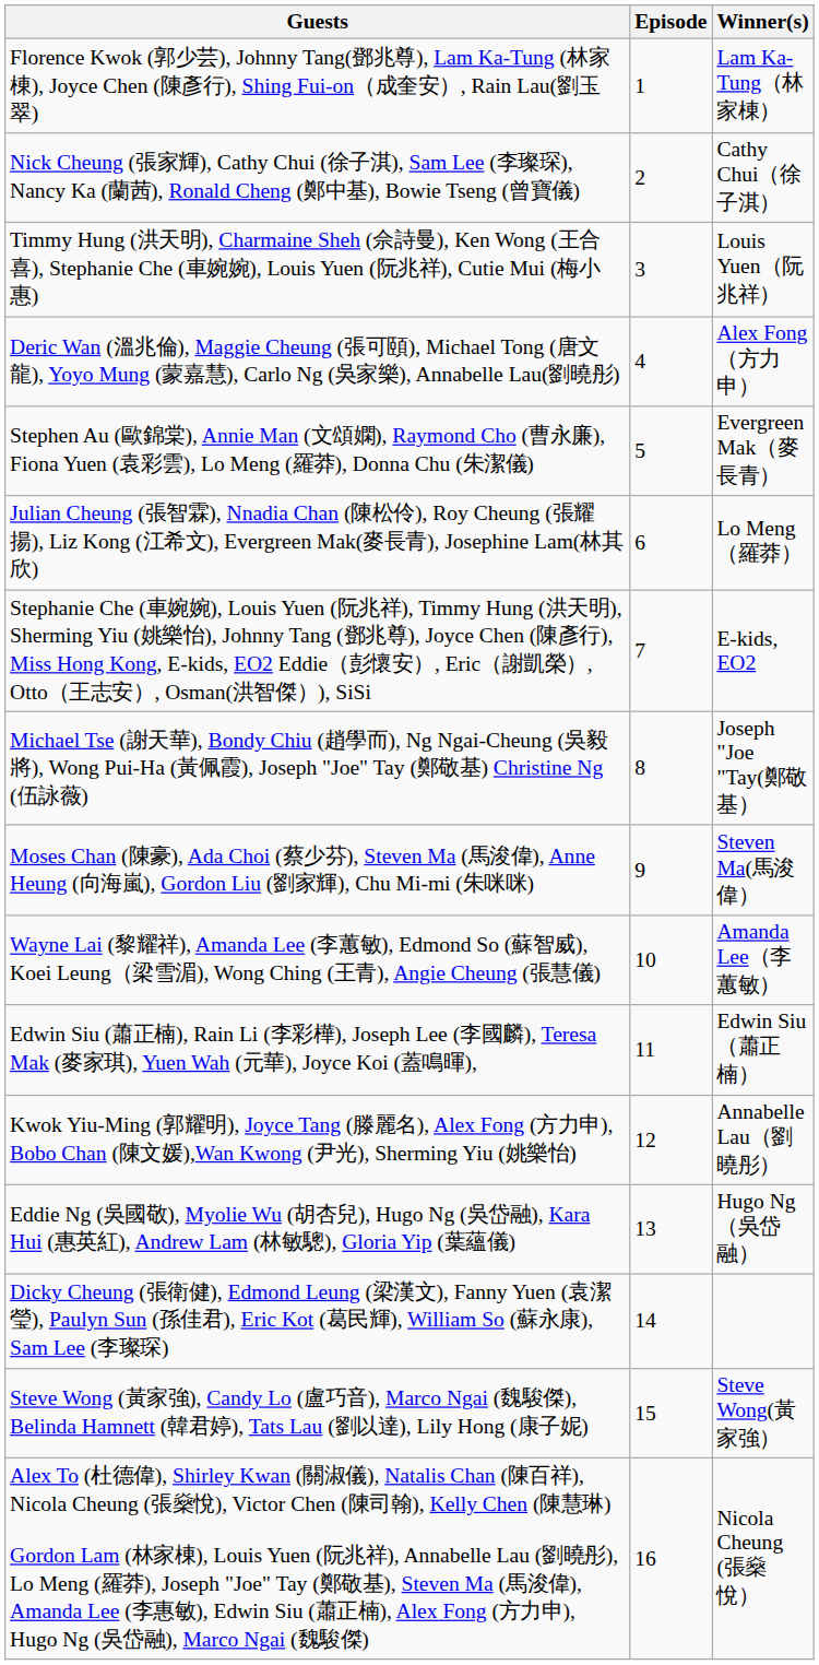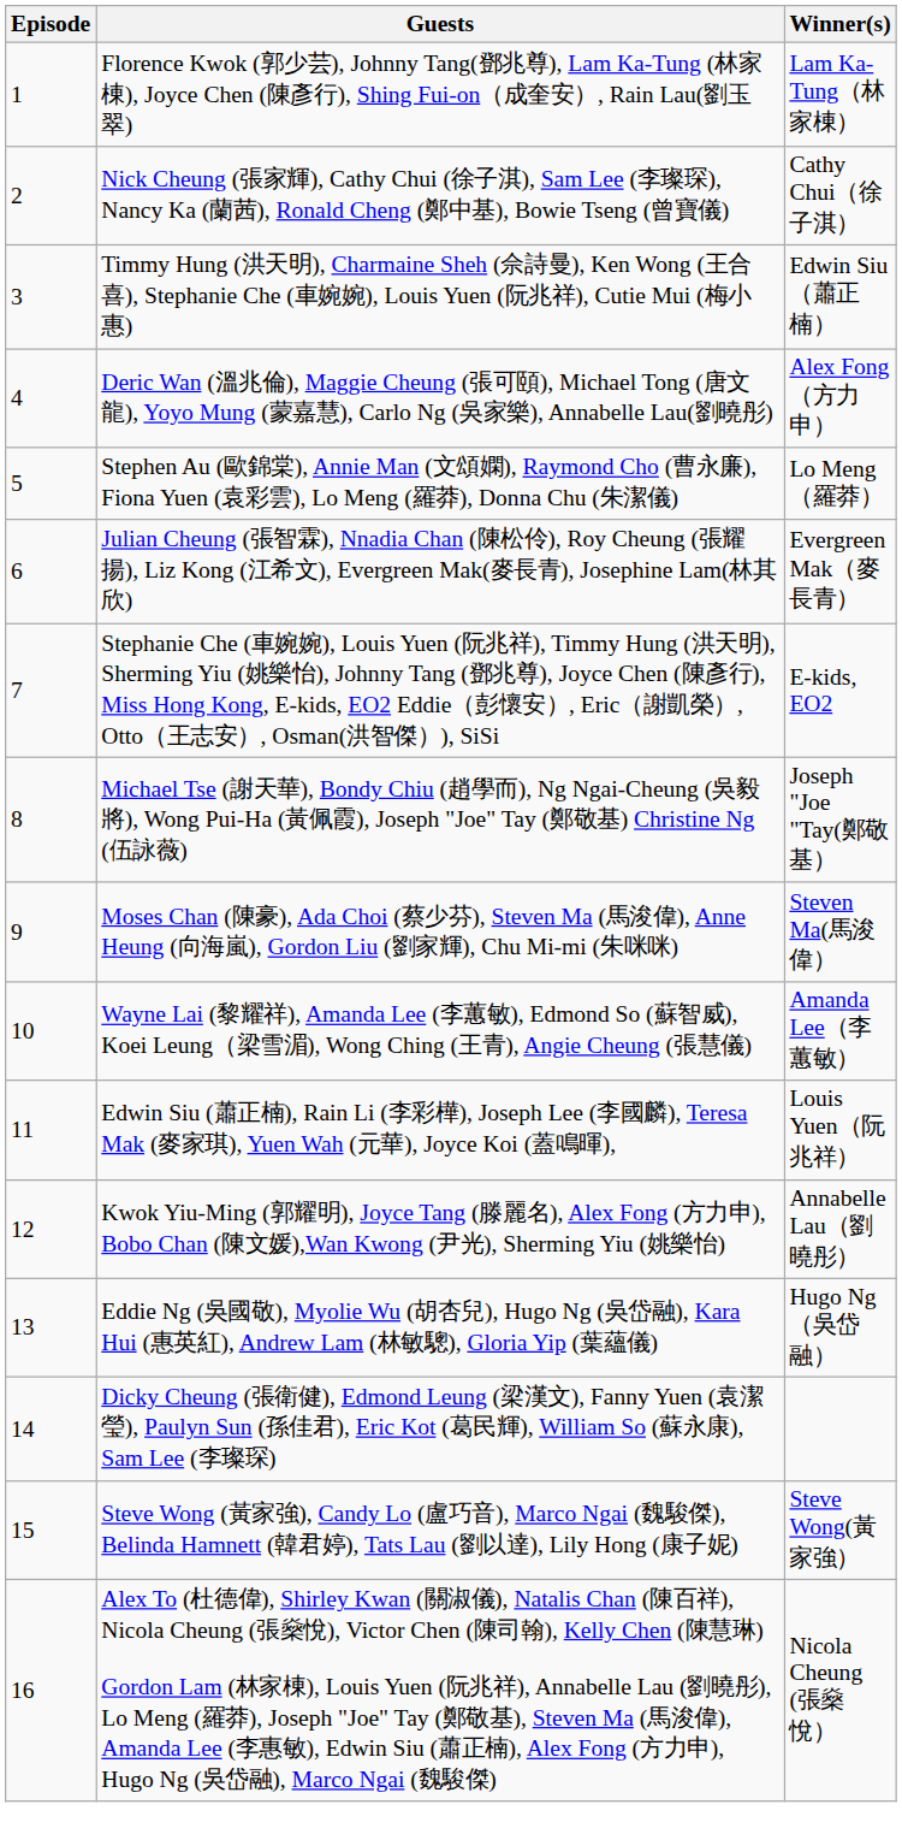 <table class="wikitable">
 <tr>
+<th style="width:10%;">Episode</th>
 <th style="width:80%;">Guests</th>
-<th style="width:10%;">Episode</th>
 <th style="width:10%;">Winner(s)</th>
 </tr>
 <tr>
+<td>1</td>
 <td>Florence Kwok (郭少芸), Johnny Tang(鄧兆尊), <a href='#'>Lam Ka-Tung</a> (林家棟), Joyce Chen (陳彥行), <a href='#'>Shing Fui-on</a>（成奎安）,  Rain Lau(劉玉翠)</td>
-<td>1</td>
 <td><a href='#'>Lam Ka-Tung</a>（林家棟）</td>
 </tr>
 <tr>
+<td>2</td>
 <td><a href='#'>Nick Cheung</a> (張家輝), Cathy Chui (徐子淇), <a href='#'>Sam Lee</a> (李璨琛), Nancy Ka (蘭茜), <a href='#'>Ronald Cheng</a> (鄭中基), Bowie Tseng (曾寶儀)</td>
-<td>2</td>
 <td>Cathy Chui（徐子淇）</td>
 </tr>
 <tr>
+<td>3</td>
 <td>Timmy Hung (洪天明), <a href='#'>Charmaine Sheh</a> (佘詩曼), Ken Wong (王合喜), Stephanie Che (車婉婉), Louis Yuen (阮兆祥), Cutie Mui (梅小惠)</td>
-<td>3</td>
+<td>Edwin Siu（蕭正楠）</td>
+</tr>
+<tr>
+<td>4</td>
+<td><a href='#'>Deric Wan</a> (溫兆倫), <a href='#'>Maggie Cheung</a> (張可頤), Michael Tong (唐文龍), <a href='#'>Yoyo Mung</a> (蒙嘉慧), Carlo Ng (吳家樂), Annabelle Lau(劉曉彤)</td>
+<td><a href='#'>Alex Fong</a>（方力申）</td>
+</tr>
+<tr>
+<td>5</td>
+<td>Stephen Au (歐錦棠), <a href='#'>Annie Man</a> (文頌嫻), <a href='#'>Raymond Cho</a> (曹永廉), Fiona Yuen (袁彩雲), Lo Meng (羅莽), Donna Chu (朱潔儀)</td>
+<td>Lo Meng（羅莽）</td>
+</tr>
+<tr>
+<td>6</td>
+<td><a href='#'>Julian Cheung</a> (張智霖), <a href='#'>Nnadia Chan</a> (陳松伶), Roy Cheung (張耀揚), Liz Kong (江希文),  Evergreen Mak(麥長青), Josephine Lam(林其欣)</td>
+<td>Evergreen Mak（麥長青）</td>
+</tr>
+<tr>
+<td>7</td>
+<td>Stephanie Che (車婉婉), Louis Yuen (阮兆祥), Timmy Hung (洪天明), Sherming Yiu (姚樂怡), Johnny Tang (鄧兆尊), Joyce Chen (陳彥行), <a href='#'>Miss Hong Kong</a>, E-kids, <a href='#'>EO2</a> Eddie（彭懷安）, Eric（謝凱榮）, Otto（王志安）, Osman(洪智傑）), SiSi</td>
+<td>E-kids, <a href='#'>EO2</a></td>
+</tr>
+<tr>
+<td>8</td>
+<td><a href='#'>Michael Tse</a> (謝天華), <a href='#'>Bondy Chiu</a> (趙學而), Ng Ngai-Cheung (吳毅將), Wong Pui-Ha (黃佩霞), Joseph "Joe" Tay (鄭敬基) <a href='#'>Christine Ng</a> (伍詠薇)</td>
+<td>Joseph "Joe "Tay(鄭敬基）</td>
+</tr>
+<tr>
+<td>9</td>
+<td><a href='#'>Moses Chan</a> (陳豪), <a href='#'>Ada Choi</a> (蔡少芬), <a href='#'>Steven Ma</a> (馬浚偉), <a href='#'>Anne Heung</a> (向海嵐), <a href='#'>Gordon Liu</a> (劉家輝), Chu Mi-mi (朱咪咪)</td>
+<td><a href='#'>Steven Ma</a>(馬浚偉）</td>
+</tr>
+<tr>
+<td>10</td>
+<td><a href='#'>Wayne Lai</a> (黎耀祥), <a href='#'>Amanda Lee</a> (李蕙敏), Edmond So (蘇智威), Koei Leung（梁雪湄), Wong Ching (王青), <a href='#'>Angie Cheung</a> (張慧儀)</td>
+<td><a href='#'>Amanda Lee</a>（李蕙敏）</td>
+</tr>
+<tr>
+<td>11</td>
+<td>Edwin Siu (蕭正楠), Rain Li (李彩樺),  Joseph Lee (李國麟), <a href='#'>Teresa Mak</a> (麥家琪), <a href='#'>Yuen Wah</a> (元華), Joyce Koi (蓋鳴暉),</td>
 <td>Louis Yuen（阮兆祥）</td>
 </tr>
 <tr>
-<td><a href='#'>Deric Wan</a> (溫兆倫), <a href='#'>Maggie Cheung</a> (張可頤), Michael Tong (唐文龍), <a href='#'>Yoyo Mung</a> (蒙嘉慧), Carlo Ng (吳家樂), Annabelle Lau(劉曉彤)</td>
-<td>4</td>
-<td><a href='#'>Alex Fong</a>（方力申）</td>
-</tr>
-<tr>
-<td>Stephen Au (歐錦棠), <a href='#'>Annie Man</a> (文頌嫻), <a href='#'>Raymond Cho</a> (曹永廉), Fiona Yuen (袁彩雲), Lo Meng (羅莽), Donna Chu (朱潔儀)</td>
-<td>5</td>
-<td>Evergreen Mak（麥長青）</td>
-</tr>
-<tr>
-<td><a href='#'>Julian Cheung</a> (張智霖), <a href='#'>Nnadia Chan</a> (陳松伶), Roy Cheung (張耀揚), Liz Kong (江希文),  Evergreen Mak(麥長青), Josephine Lam(林其欣)</td>
-<td>6</td>
-<td>Lo Meng（羅莽）</td>
-</tr>
-<tr>
-<td>Stephanie Che (車婉婉), Louis Yuen (阮兆祥), Timmy Hung (洪天明), Sherming Yiu (姚樂怡), Johnny Tang (鄧兆尊), Joyce Chen (陳彥行), <a href='#'>Miss Hong Kong</a>, E-kids, <a href='#'>EO2</a> Eddie（彭懷安）, Eric（謝凱榮）, Otto（王志安）, Osman(洪智傑）), SiSi</td>
-<td>7</td>
-<td>E-kids, <a href='#'>EO2</a></td>
-</tr>
-<tr>
-<td><a href='#'>Michael Tse</a> (謝天華), <a href='#'>Bondy Chiu</a> (趙學而), Ng Ngai-Cheung (吳毅將), Wong Pui-Ha (黃佩霞), Joseph "Joe" Tay (鄭敬基) <a href='#'>Christine Ng</a> (伍詠薇)</td>
-<td>8</td>
-<td>Joseph "Joe "Tay(鄭敬基）</td>
-</tr>
-<tr>
-<td><a href='#'>Moses Chan</a> (陳豪), <a href='#'>Ada Choi</a> (蔡少芬), <a href='#'>Steven Ma</a> (馬浚偉), <a href='#'>Anne Heung</a> (向海嵐), <a href='#'>Gordon Liu</a> (劉家輝), Chu Mi-mi (朱咪咪)</td>
-<td>9</td>
-<td><a href='#'>Steven Ma</a>(馬浚偉）</td>
-</tr>
-<tr>
-<td><a href='#'>Wayne Lai</a> (黎耀祥), <a href='#'>Amanda Lee</a> (李蕙敏), Edmond So (蘇智威), Koei Leung（梁雪湄), Wong Ching (王青), <a href='#'>Angie Cheung</a> (張慧儀)</td>
-<td>10</td>
-<td><a href='#'>Amanda Lee</a>（李蕙敏）</td>
-</tr>
-<tr>
-<td>Edwin Siu (蕭正楠), Rain Li (李彩樺),  Joseph Lee (李國麟), <a href='#'>Teresa Mak</a> (麥家琪), <a href='#'>Yuen Wah</a> (元華), Joyce Koi (蓋鳴暉),</td>
-<td>11</td>
-<td>Edwin Siu（蕭正楠）</td>
-</tr>
-<tr>
+<td>12</td>
 <td>Kwok Yiu-Ming (郭耀明), <a href='#'>Joyce Tang</a> (滕麗名), <a href='#'>Alex Fong</a> (方力申), <a href='#'>Bobo Chan</a> (陳文媛),<a href='#'>Wan Kwong</a> (尹光), Sherming Yiu (姚樂怡)</td>
-<td>12</td>
 <td>Annabelle Lau（劉曉彤）</td>
 </tr>
 <tr>
+<td>13</td>
 <td>Eddie Ng (吳國敬), <a href='#'>Myolie Wu</a> (胡杏兒), Hugo Ng (吳岱融), <a href='#'>Kara Hui</a> (惠英紅), <a href='#'>Andrew Lam</a> (林敏驄), <a href='#'>Gloria Yip</a> (葉蘊儀)</td>
-<td>13</td>
 <td>Hugo Ng（吳岱融）</td>
 </tr>
 <tr>
+<td>14</td>
 <td><a href='#'>Dicky Cheung</a> (張衛健), <a href='#'>Edmond Leung</a> (梁漢文), Fanny Yuen (袁潔瑩), <a href='#'>Paulyn Sun</a> (孫佳君), <a href='#'>Eric Kot</a> (葛民輝), <a href='#'>William So</a> (蘇永康), <a href='#'>Sam Lee</a> (李璨琛)</td>
-<td>14</td>
 <td></td>
 </tr>
 <tr>
+<td>15</td>
 <td><a href='#'>Steve Wong</a> (黃家強), <a href='#'>Candy Lo</a> (盧巧音), <a href='#'>Marco Ngai</a> (魏駿傑), <a href='#'>Belinda Hamnett</a> (韓君婷), <a href='#'>Tats Lau</a> (劉以達), Lily Hong (康子妮)</td>
-<td>15</td>
 <td><a href='#'>Steve Wong</a>(黃家強）</td>
 </tr>
 <tr>
+<td>16</td>
 <td><a href='#'>Alex To</a> (杜德偉), <a href='#'>Shirley Kwan</a> (關淑儀), <a href='#'>Natalis Chan</a> (陳百祥), Nicola Cheung (張燊悅), Victor Chen (陳司翰), <a href='#'>Kelly Chen</a> (陳慧琳)<br><br><a href='#'>Gordon Lam</a> (林家棟), Louis Yuen (阮兆祥), Annabelle Lau (劉曉彤), Lo Meng (羅莽), Joseph "Joe" Tay (鄭敬基), <a href='#'>Steven Ma</a> (馬浚偉), <a href='#'>Amanda Lee</a> (李惠敏), Edwin Siu (蕭正楠), <a href='#'>Alex Fong</a> (方力申), Hugo Ng (吳岱融), <a href='#'>Marco Ngai</a> (魏駿傑)</td>
-<td>16</td>
 <td>Nicola Cheung (張燊悅）</td>
 </tr>
 </table>
